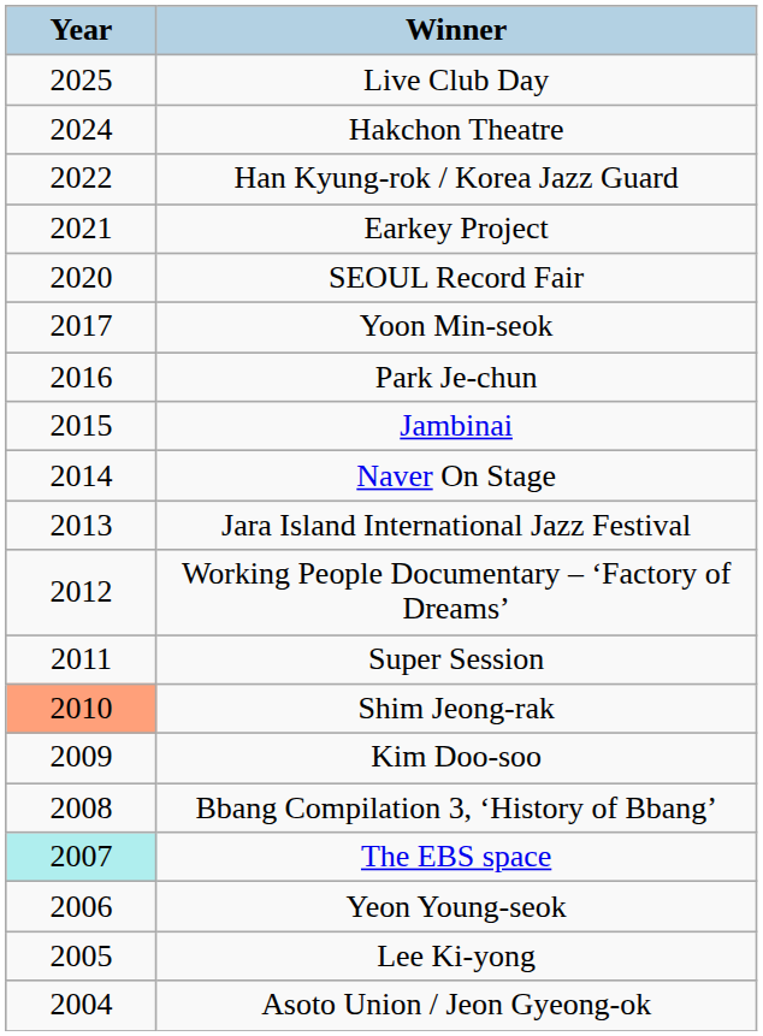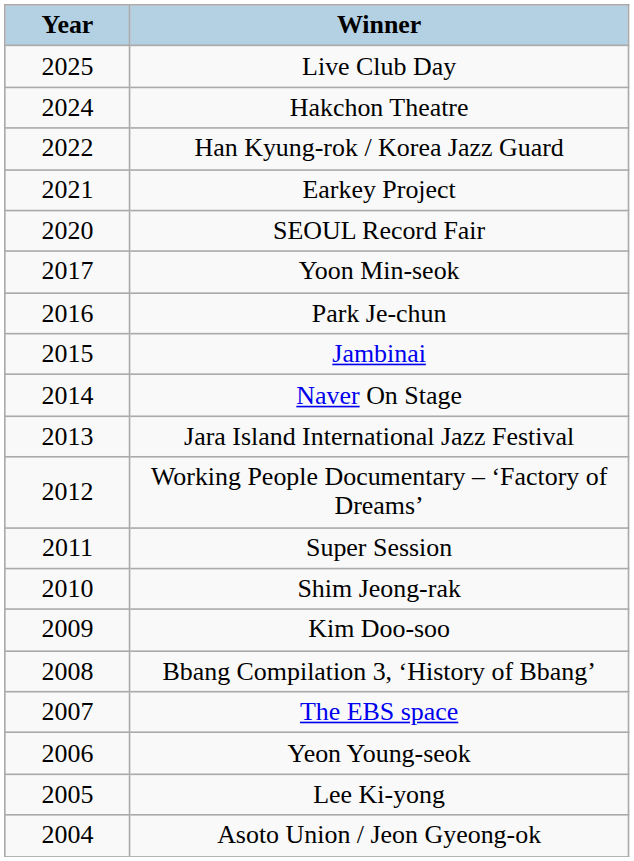 <table class="wikitable" style="text-align: center">
 <tr>
 <th width="70" style="background:#b3d1e3;">Year</th>
 <th width="300" style="background:#b3d1e3;">Winner</th>
 </tr>
 <tr>
 <td>2025</td>
 <td>Live Club Day</td>
 </tr>
 <tr>
 <td>2024</td>
 <td>Hakchon Theatre</td>
 </tr>
 <tr>
 <td>2022</td>
 <td>Han Kyung-rok / Korea Jazz Guard</td>
 </tr>
 <tr>
 <td>2021</td>
 <td>Earkey Project</td>
 </tr>
 <tr>
 <td>2020</td>
 <td>SEOUL Record Fair</td>
 </tr>
 <tr>
 <td>2017</td>
 <td>Yoon Min-seok</td>
 </tr>
 <tr>
 <td>2016</td>
 <td>Park Je-chun</td>
 </tr>
 <tr>
 <td>2015</td>
 <td><a href='#'>Jambinai</a></td>
 </tr>
 <tr>
 <td>2014</td>
 <td><a href='#'>Naver</a> On Stage</td>
 </tr>
 <tr>
 <td>2013</td>
 <td>Jara Island International Jazz Festival</td>
 </tr>
 <tr>
 <td>2012</td>
 <td>Working People Documentary – ‘Factory of Dreams’</td>
 </tr>
 <tr>
 <td>2011</td>
 <td>Super Session</td>
 </tr>
 <tr>
-<td style="background: lightsalmon;">2010</td>
+<td>2010</td>
 <td>Shim Jeong-rak</td>
 </tr>
 <tr>
 <td>2009</td>
 <td>Kim Doo-soo</td>
 </tr>
 <tr>
 <td>2008</td>
 <td>Bbang Compilation 3, ‘History of Bbang’</td>
 </tr>
 <tr>
-<td style="background: paleturquoise;">2007</td>
+<td>2007</td>
 <td><a href='#'>The EBS space</a></td>
 </tr>
 <tr>
 <td>2006</td>
 <td>Yeon Young-seok</td>
 </tr>
 <tr>
 <td>2005</td>
 <td>Lee Ki-yong</td>
 </tr>
 <tr>
 <td>2004</td>
 <td>Asoto Union / Jeon Gyeong-ok</td>
 </tr>
 </table>
